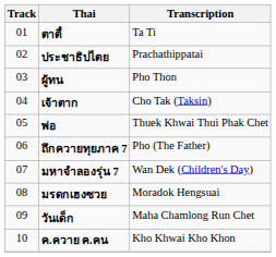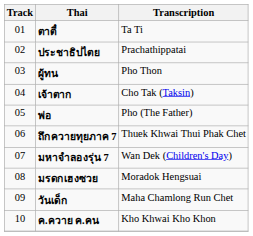 <table class="wikitable">
 <tr>
 <th align="center" valign="top" width="40">Track</th>
 <th align="left" valign="top">Thai</th>
 <th align="left" valign="top">Transcription</th>
 </tr>
 <tr>
 <td align="center" valign="top">01</td>
 <td align="left" valign="top"><strong>ตาตี๋</strong></td>
 <td align="left" valign="top">Ta Ti</td>
 </tr>
 <tr>
 <td align="center" valign="top">02</td>
 <td align="left" valign="top"><strong>ประชาธิปไตย</strong></td>
 <td align="left" valign="top">Prachathippatai</td>
 </tr>
 <tr>
 <td align="center" valign="top">03</td>
 <td align="left" valign="top"><strong>ผู้ทน</strong></td>
 <td align="left" valign="top">Pho Thon</td>
 </tr>
 <tr>
 <td align="center" valign="top">04</td>
 <td align="left" valign="top"><strong>เจ้าตาก</strong></td>
 <td align="left" valign="top">Cho Tak (<a href='#'>Taksin</a>)</td>
 </tr>
 <tr>
 <td align="center" valign="top">05</td>
 <td align="left" valign="top"><strong>พ่อ</strong></td>
-<td align="left" valign="top">Thuek Khwai Thui Phak Chet</td>
+<td align="left" valign="top">Pho (The Father)</td>
 </tr>
 <tr>
 <td align="center" valign="top">06</td>
 <td align="left" valign="top"><strong>ถึกควายทุยภาค 7</strong></td>
-<td align="left" valign="top">Pho (The Father)</td>
+<td align="left" valign="top">Thuek Khwai Thui Phak Chet</td>
 </tr>
 <tr>
 <td align="center" valign="top">07</td>
 <td align="left" valign="top"><strong>มหาจำลองรุ่น 7</strong></td>
 <td align="left" valign="top">Wan Dek (<a href='#'>Children's Day</a>)</td>
 </tr>
 <tr>
 <td align="center" valign="top">08</td>
 <td align="left" valign="top"><strong>มรดกเฮงซวย</strong></td>
 <td align="left" valign="top">Moradok Hengsuai</td>
 </tr>
 <tr>
 <td align="center" valign="top">09</td>
 <td align="left" valign="top"><strong>วันเด็ก</strong></td>
 <td align="left" valign="top">Maha Chamlong Run Chet</td>
 </tr>
 <tr>
 <td align="center" valign="top">10</td>
 <td align="left" valign="top"><strong>ค.ควาย ค.คน</strong></td>
 <td align="left" valign="top">Kho Khwai Kho Khon</td>
 </tr>
 <tr>
 </tr>
 </table>
